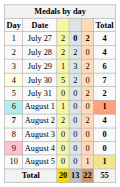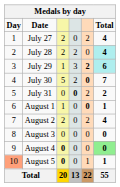 <table class=wikitable style="font-size:85%; float:right;text-align:center">
 <tr>
 <th colspan=7>Medals by day</th>
 </tr>
 <tr>
 <td><strong>Day</strong></td>
 <td><strong>Date</strong></td>
 <td bgcolor=F7F6A8></td>
 <td bgcolor=DCE5E5></td>
 <td bgcolor=FFDAB9></td>
 <td><strong>Total</strong></td>
 </tr>
 <tr>
 <td>1</td>
 <td>July 27</td>
 <td bgcolor=F7F6A8>2</td>
-<td bgcolor=DCE5E5><strong>0</strong></td>
-<td bgcolor=FFDAB9><strong>2</strong></td>
+<td bgcolor=DCE5E5>0</td>
+<td bgcolor=FFDAB9>2</td>
 <td><strong>4</strong></td>
 </tr>
 <tr>
 <td>2</td>
 <td>July 28</td>
 <td bgcolor=F7F6A8>2</td>
 <td bgcolor=DCE5E5>2</td>
 <td bgcolor=FFDAB9>0</td>
-<td><strong>4</strong></td>
+<td style="background: paleturquoise;"><strong>4</strong></td>
 </tr>
 <tr>
 <td>3</td>
 <td>July 29</td>
 <td bgcolor=F7F6A8>1</td>
 <td bgcolor=DCE5E5>3</td>
-<td bgcolor=FFDAB9>2</td>
-<td><strong>6</strong></td>
+<td bgcolor=FFDAB9><strong>2</strong></td>
+<td style="background: paleturquoise;"><strong>6</strong></td>
 </tr>
 <tr>
-<td style="background: lightyellow;">4</td>
+<td>4</td>
 <td>July 30</td>
 <td bgcolor=F7F6A8>5</td>
 <td bgcolor=DCE5E5>2</td>
-<td bgcolor=FFDAB9>0</td>
+<td bgcolor=FFDAB9><strong>0</strong></td>
 <td><strong>7</strong></td>
 </tr>
 <tr>
 <td>5</td>
 <td>July 31</td>
 <td bgcolor=F7F6A8>0</td>
-<td bgcolor=DCE5E5>0</td>
+<td bgcolor=DCE5E5><strong>0</strong></td>
 <td bgcolor=FFDAB9>2</td>
 <td><strong>2</strong></td>
 </tr>
 <tr>
-<td style="background: paleturquoise;">6</td>
+<td>6</td>
 <td>August 1</td>
 <td bgcolor=F7F6A8>1</td>
 <td bgcolor=DCE5E5>0</td>
-<td bgcolor=FFDAB9>0</td>
-<td style="background: lightsalmon;"><strong>1</strong></td>
+<td bgcolor=FFDAB9><strong>0</strong></td>
+<td><strong>1</strong></td>
 </tr>
 <tr>
-<td><strong>7</strong></td>
+<td>7</td>
 <td>August 2</td>
 <td bgcolor=F7F6A8>2</td>
 <td bgcolor=DCE5E5>0</td>
 <td bgcolor=FFDAB9>2</td>
 <td><strong>4</strong></td>
 </tr>
 <tr>
 <td>8</td>
 <td>August 3</td>
 <td bgcolor=F7F6A8>0</td>
 <td bgcolor=DCE5E5>0</td>
 <td bgcolor=FFDAB9>0</td>
 <td><strong>0</strong></td>
 </tr>
 <tr>
-<td style="background: pink;">9</td>
+<td>9</td>
 <td>August 4</td>
-<td bgcolor=F7F6A8>0</td>
+<td bgcolor=F7F6A8><strong>0</strong></td>
 <td bgcolor=DCE5E5>0</td>
 <td bgcolor=FFDAB9>0</td>
-<td><strong>0</strong></td>
+<td style="background: lightgreen;"><strong>0</strong></td>
 </tr>
 <tr>
-<td>10</td>
+<td style="background: lightsalmon;">10</td>
 <td>August 5</td>
-<td bgcolor=F7F6A8>0</td>
+<td bgcolor=F7F6A8><strong>0</strong></td>
 <td bgcolor=DCE5E5>0</td>
 <td bgcolor=FFDAB9>1</td>
-<td style="background: khaki;"><strong>1</strong><br></td>
+<td><strong>1</strong><br></td>
 </tr>
 <tr>
 <th colspan=2>Total</th>
 <th style=background:gold>20</th>
 <th style=background:silver>13</th>
 <th style=background:#C96>22</th>
 <th>55</th>
 </tr>
 </table>
